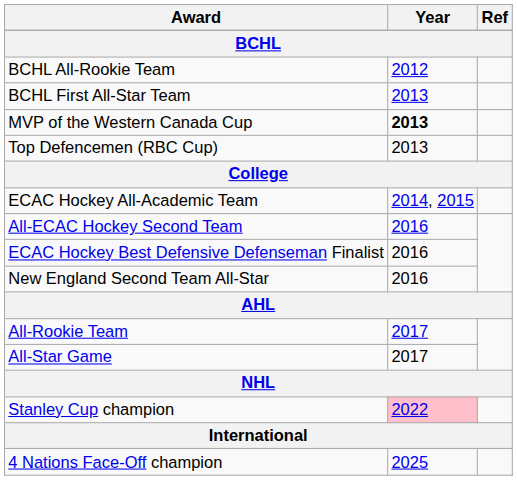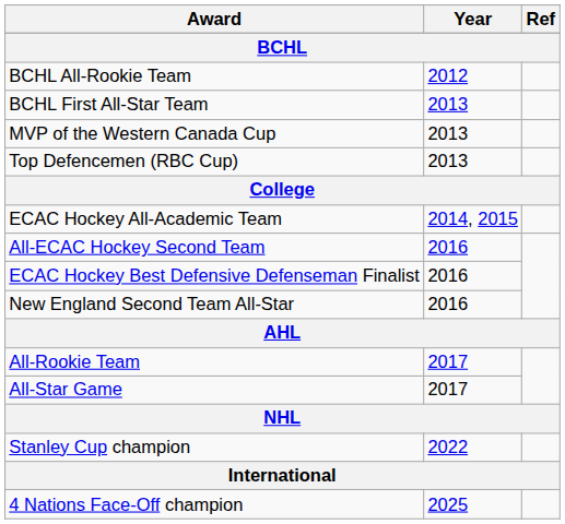 <table class="wikitable">
 <tr>
 <th>Award</th>
 <th>Year</th>
 <th>Ref</th>
 </tr>
 <tr>
 </tr>
 <tr>
 <th colspan="3"><a href='#'>BCHL</a></th>
 </tr>
 <tr>
 <td>BCHL All-Rookie Team</td>
 <td><a href='#'>2012</a></td>
 <td></td>
 </tr>
 <tr>
 <td>BCHL First All-Star Team</td>
 <td><a href='#'>2013</a></td>
 <td></td>
 </tr>
 <tr>
 <td>MVP of the Western Canada Cup</td>
-<td><strong>2013</strong></td>
+<td>2013</td>
 <td></td>
 </tr>
 <tr>
 <td>Top Defencemen (RBC Cup)</td>
 <td>2013</td>
 <td></td>
 </tr>
 <tr>
 <th colspan="3"><a href='#'>College</a></th>
 </tr>
 <tr>
 <td>ECAC Hockey All-Academic Team</td>
 <td><a href='#'>2014</a>, <a href='#'>2015</a></td>
 <td></td>
 </tr>
 <tr>
 <td><a href='#'>All-ECAC Hockey Second Team</a></td>
 <td><a href='#'>2016</a></td>
 <td rowspan="3"></td>
 </tr>
 <tr>
 <td><a href='#'>ECAC Hockey Best Defensive Defenseman</a> Finalist</td>
 <td>2016</td>
 </tr>
 <tr>
 <td>New England Second Team All-Star</td>
 <td>2016</td>
 </tr>
 <tr>
 <th colspan="3"><a href='#'>AHL</a></th>
 </tr>
 <tr>
 <td><a href='#'>All-Rookie Team</a></td>
 <td><a href='#'>2017</a></td>
 <td rowspan="2"></td>
 </tr>
 <tr>
 <td><a href='#'>All-Star Game</a></td>
 <td>2017</td>
 </tr>
 <tr>
 <th colspan="3"><a href='#'>NHL</a></th>
 </tr>
 <tr>
 <td><a href='#'>Stanley Cup</a> champion</td>
-<td style="background: pink;"><a href='#'>2022</a></td>
+<td><a href='#'>2022</a></td>
 <td></td>
 </tr>
 <tr>
 <th colspan="3">International</th>
 </tr>
 <tr>
 <td><a href='#'>4 Nations Face-Off</a> champion</td>
 <td><a href='#'>2025</a></td>
 <td></td>
 </tr>
 </table>
